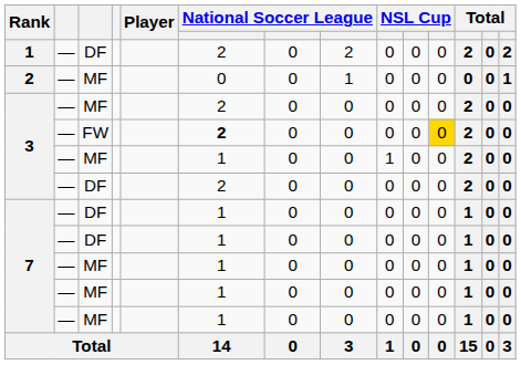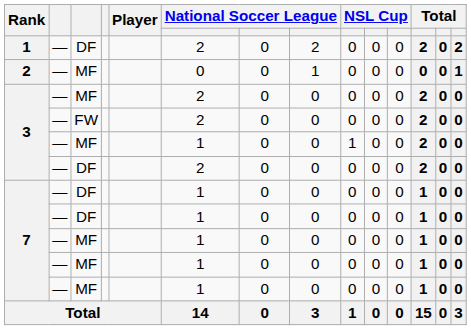 <table class="wikitable sortable" style="text-align:center">
 <tr>
 <th rowspan="2">Rank</th>
 <th rowspan="2"></th>
 <th rowspan="2"></th>
 <th rowspan="2"></th>
 <th rowspan="2">Player</th>
 <th colspan="3"><a href='#'>National Soccer League</a></th>
 <th colspan="3"><a href='#'>NSL Cup</a></th>
 <th colspan="3">Total</th>
 </tr>
 <tr>
 <th></th>
 <th></th>
 <th></th>
 <th></th>
 <th></th>
 <th></th>
 <th></th>
 <th></th>
 <th></th>
 </tr>
 <tr>
 <th>1</th>
 <td>—</td>
 <td>DF</td>
 <td></td>
 <td align="left"><br></td>
 <td>2</td>
 <td>0</td>
 <td>2<br></td>
 <td>0</td>
 <td>0</td>
 <td>0<br></td>
 <th>2</th>
 <th>0</th>
 <th>2</th>
 </tr>
 <tr>
 <th>2</th>
 <td>—</td>
 <td>MF</td>
 <td></td>
 <td align="left"><br></td>
 <td>0</td>
 <td>0</td>
 <td>1<br></td>
 <td>0</td>
 <td>0</td>
 <td>0<br></td>
 <th>0</th>
 <th>0</th>
 <th>1</th>
 </tr>
 <tr>
 <th rowspan="4">3</th>
 <td>—</td>
 <td>MF</td>
 <td></td>
 <td align="left"><br></td>
 <td>2</td>
 <td>0</td>
 <td>0<br></td>
 <td>0</td>
 <td>0</td>
 <td>0<br></td>
 <th>2</th>
 <th>0</th>
 <th>0</th>
 </tr>
 <tr>
 <td>—</td>
 <td>FW</td>
 <td></td>
 <td align="left"><br></td>
-<td><strong>2</strong></td>
+<td>2</td>
 <td>0</td>
 <td>0<br></td>
 <td>0</td>
 <td>0</td>
-<td style="background: gold;">0<br></td>
+<td>0<br></td>
 <th>2</th>
 <th>0</th>
 <th>0</th>
 </tr>
 <tr>
 <td>—</td>
 <td>MF</td>
 <td></td>
 <td align="left"><br></td>
 <td>1</td>
 <td>0</td>
 <td>0<br></td>
 <td>1</td>
 <td>0</td>
 <td>0<br></td>
 <th>2</th>
 <th>0</th>
 <th>0</th>
 </tr>
 <tr>
 <td>—</td>
 <td>DF</td>
 <td></td>
 <td align="left"><br></td>
 <td>2</td>
 <td>0</td>
 <td>0<br></td>
 <td>0</td>
 <td>0</td>
 <td>0<br></td>
 <th>2</th>
 <th>0</th>
 <th>0</th>
 </tr>
 <tr>
 <th rowspan="5">7</th>
 <td>—</td>
 <td>DF</td>
 <td></td>
 <td align="left"><br></td>
 <td>1</td>
 <td>0</td>
 <td>0<br></td>
 <td>0</td>
 <td>0</td>
 <td>0<br></td>
 <th>1</th>
 <th>0</th>
 <th>0</th>
 </tr>
 <tr>
 <td>—</td>
 <td>DF</td>
 <td></td>
 <td align="left"><br></td>
 <td>1</td>
 <td>0</td>
 <td>0<br></td>
 <td>0</td>
 <td>0</td>
 <td>0<br></td>
 <th>1</th>
 <th>0</th>
 <th>0</th>
 </tr>
 <tr>
 <td>—</td>
 <td>MF</td>
 <td></td>
 <td align="left"><br></td>
 <td>1</td>
 <td>0</td>
 <td>0<br></td>
 <td>0</td>
 <td>0</td>
 <td>0<br></td>
 <th>1</th>
 <th>0</th>
 <th>0</th>
 </tr>
 <tr>
 <td>—</td>
 <td>MF</td>
 <td></td>
 <td align="left"><br></td>
 <td>1</td>
 <td>0</td>
 <td>0<br></td>
 <td>0</td>
 <td>0</td>
 <td>0<br></td>
 <th>1</th>
 <th>0</th>
 <th>0</th>
 </tr>
 <tr>
 <td>—</td>
 <td>MF</td>
 <td></td>
 <td align="left"><br></td>
 <td>1</td>
 <td>0</td>
 <td>0<br></td>
 <td>0</td>
 <td>0</td>
 <td>0<br></td>
 <th>1</th>
 <th>0</th>
 <th>0</th>
 </tr>
 <tr>
 <th colspan="5">Total<br></th>
 <th>14</th>
 <th>0</th>
 <th>3<br></th>
 <th>1</th>
 <th>0</th>
 <th>0<br></th>
 <th>15</th>
 <th>0</th>
 <th>3</th>
 </tr>
 </table>
